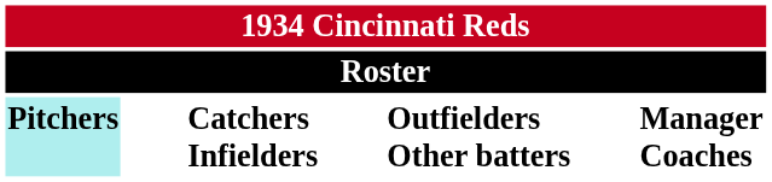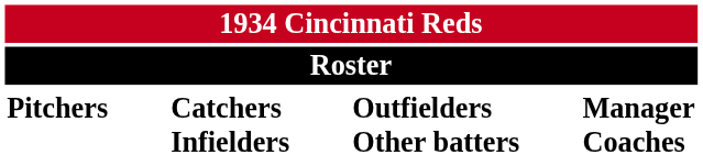 <table class="toccolours" style="font-size: 95%;">
 <tr>
 <th colspan="10" style="background-color: #c6011f; color: white; text-align: center;">1934 Cincinnati Reds</th>
 </tr>
 <tr>
 <td colspan="10" style="background-color: black; color: white; text-align: center;"><strong>Roster</strong></td>
 </tr>
 <tr>
-<td valign="top" style="background: paleturquoise;"><strong>Pitchers</strong><br>                 </td>
+<td valign="top"><strong>Pitchers</strong><br>                 </td>
 <td width="25px"></td>
 <td valign="top"><strong>Catchers</strong><br>   <strong>Infielders</strong>          </td>
 <td width="25px"></td>
 <td valign="top"><strong>Outfielders</strong><br>        <strong>Other batters</strong>  </td>
 <td width="25px"></td>
 <td valign="top"><strong>Manager</strong><br>   <strong>Coaches</strong>  </td>
 </tr>
 </table>
